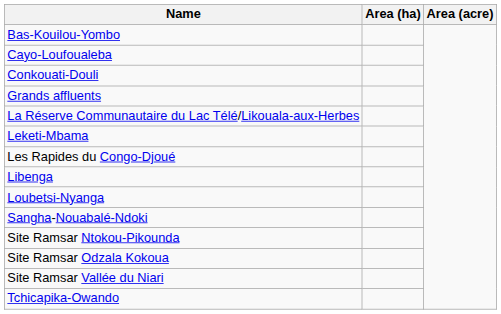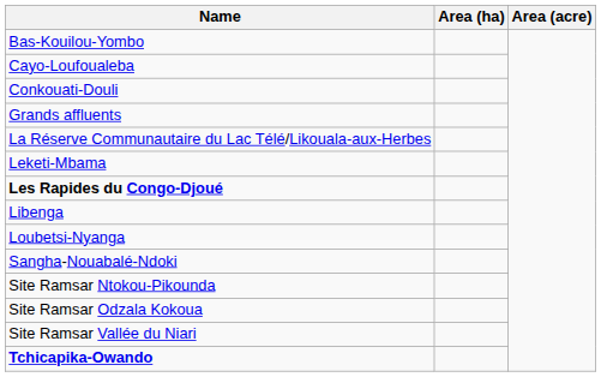 <table class="wikitable sortable">
 <tr>
 <th scope="col" align=left>Name</th>
 <th scope="col">Area (ha)</th>
 <th scope="col">Area (acre)</th>
 </tr>
 <tr ---->
 <td><a href='#'>Bas-Kouilou-Yombo</a></td>
 <td></td>
 </tr>
 <tr ---->
 <td><a href='#'>Cayo-Loufoualeba</a></td>
 <td></td>
 </tr>
 <tr ---->
 <td><a href='#'>Conkouati-Douli</a></td>
 <td></td>
 </tr>
 <tr ---->
 <td><a href='#'>Grands affluents</a></td>
 <td></td>
 </tr>
 <tr ---->
 <td><a href='#'>La Réserve Communautaire du Lac Télé</a>/<a href='#'>Likouala-aux-Herbes</a></td>
 <td></td>
 </tr>
 <tr ---->
 <td><a href='#'>Leketi-Mbama</a></td>
 <td></td>
 </tr>
 <tr ---->
-<td>Les Rapides du <a href='#'>Congo-Djoué</a></td>
+<td><strong>Les Rapides du <a href='#'>Congo-Djoué</a></strong></td>
 <td></td>
 </tr>
 <tr ---->
 <td><a href='#'>Libenga</a></td>
 <td></td>
 </tr>
 <tr ---->
 <td><a href='#'>Loubetsi-Nyanga</a></td>
 <td></td>
 </tr>
 <tr ---->
 <td><a href='#'>Sangha</a>-<a href='#'>Nouabalé-Ndoki</a></td>
 <td></td>
 </tr>
 <tr ---->
 <td>Site Ramsar <a href='#'>Ntokou-Pikounda</a></td>
 <td></td>
 </tr>
 <tr ---->
 <td>Site Ramsar <a href='#'>Odzala Kokoua</a></td>
 <td></td>
 </tr>
 <tr ---->
 <td>Site Ramsar <a href='#'>Vallée du Niari</a></td>
 <td></td>
 </tr>
 <tr ---->
-<td><a href='#'>Tchicapika-Owando</a></td>
+<td><strong><a href='#'>Tchicapika-Owando</a></strong></td>
 <td></td>
 </tr>
 </table>
